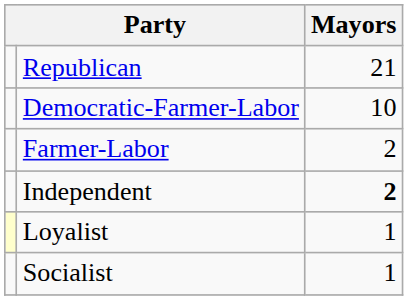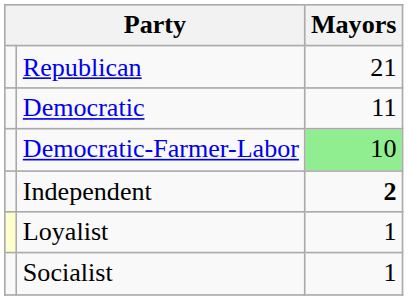 <table class=wikitable>
 <tr>
 <th colspan="2">Party</th>
 <th>Mayors</th>
 </tr>
 <tr>
 <td style="background:"></td>
 <td><a href='#'>Republican</a></td>
 <td align=right>21</td>
 </tr>
 <tr>
 <td style="background:"></td>
-<td><a href='#'>Democratic-Farmer-Labor</a></td>
-<td align=right>10</td>
+<td><a href='#'>Democratic</a></td>
+<td align=right>11</td>
 </tr>
 <tr>
 <td style="background:"></td>
-<td><a href='#'>Farmer-Labor</a></td>
-<td align=right>2</td>
+<td><a href='#'>Democratic-Farmer-Labor</a></td>
+<td align=right style="background: lightgreen;">10</td>
 </tr>
 <tr>
 <td style="background:"></td>
 <td>Independent</td>
 <td align=right><strong>2</strong></td>
 </tr>
 <tr>
 <td style="background:#ffffcc"></td>
 <td>Loyalist</td>
 <td align=right>1</td>
 </tr>
 <tr>
 <td style="background:"></td>
 <td>Socialist</td>
 <td align=right>1</td>
 </tr>
 </table>
